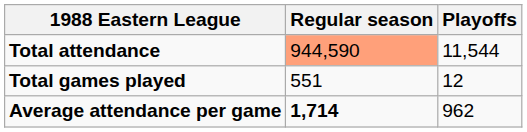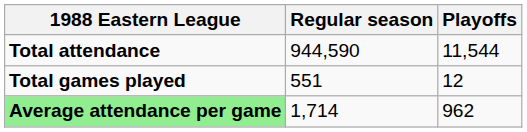 <table class="wikitable" border="1">
 <tr>
 <th>1988 Eastern League</th>
 <th>Regular season</th>
 <th>Playoffs</th>
 </tr>
 <tr>
 <td><strong>Total attendance</strong></td>
-<td style="background: lightsalmon;">944,590</td>
+<td>944,590</td>
 <td>11,544</td>
 </tr>
 <tr>
 <td><strong>Total games played</strong></td>
 <td>551</td>
 <td>12</td>
 </tr>
 <tr>
-<td><strong>Average attendance per game</strong></td>
-<td><strong>1,714</strong></td>
+<td style="background: lightgreen;"><strong>Average attendance per game</strong></td>
+<td>1,714</td>
 <td>962</td>
 </tr>
 </table>
